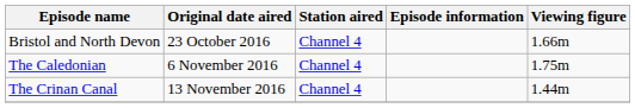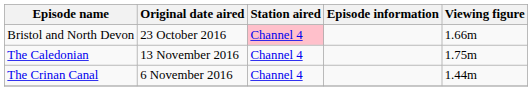 <table class="wikitable sortable">
 <tr>
 <th>Episode name</th>
 <th>Original date aired</th>
 <th>Station aired</th>
 <th>Episode information</th>
 <th>Viewing figure</th>
 </tr>
 <tr>
 <td>Bristol and North Devon</td>
 <td>23 October 2016</td>
-<td><a href='#'>Channel 4</a></td>
+<td style="background: pink;"><a href='#'>Channel 4</a></td>
 <td></td>
 <td>1.66m</td>
 </tr>
 <tr>
 <td><a href='#'>The Caledonian</a></td>
-<td>6 November 2016</td>
+<td>13 November 2016</td>
 <td><a href='#'>Channel 4</a></td>
 <td></td>
 <td>1.75m</td>
 </tr>
 <tr>
 <td><a href='#'>The Crinan Canal</a></td>
-<td>13 November 2016</td>
+<td>6 November 2016</td>
 <td><a href='#'>Channel 4</a></td>
 <td></td>
 <td>1.44m</td>
 </tr>
 <tr>
 </tr>
 </table>
